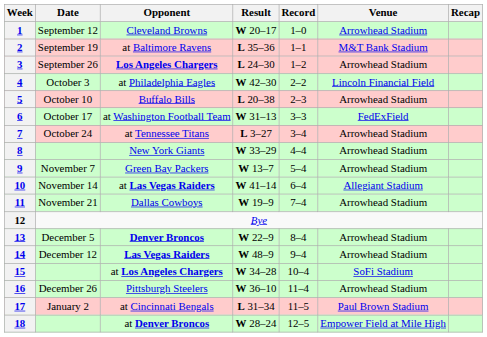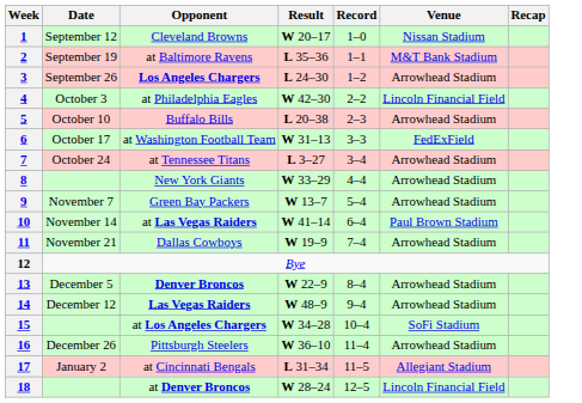 <table class="wikitable" style="text-align:center">
 <tr>
 <th>Week</th>
 <th>Date</th>
 <th>Opponent</th>
 <th>Result</th>
 <th>Record</th>
 <th>Venue</th>
 <th>Recap</th>
 </tr>
 <tr style="background:#cfc">
 <th><a href='#'>1</a></th>
 <td>September 12</td>
 <td><a href='#'>Cleveland Browns</a></td>
 <td><strong>W</strong> 20–17</td>
 <td>1–0</td>
-<td><a href='#'>Arrowhead Stadium</a></td>
+<td><a href='#'>Nissan Stadium</a></td>
 <td></td>
 </tr>
 <tr style="background:#fcc">
 <th><a href='#'>2</a></th>
 <td>September 19</td>
 <td>at <a href='#'>Baltimore Ravens</a></td>
 <td><strong>L</strong> 35–36</td>
 <td>1–1</td>
 <td><a href='#'>M&T Bank Stadium</a></td>
 <td></td>
 </tr>
 <tr style="background:#fcc">
 <th><a href='#'>3</a></th>
 <td>September 26</td>
 <td><strong><a href='#'>Los Angeles Chargers</a></strong></td>
 <td><strong>L</strong> 24–30</td>
 <td>1–2</td>
 <td>Arrowhead Stadium</td>
 <td></td>
 </tr>
 <tr style="background:#cfc">
 <th><a href='#'>4</a></th>
 <td>October 3</td>
 <td>at <a href='#'>Philadelphia Eagles</a></td>
 <td><strong>W</strong> 42–30</td>
 <td>2–2</td>
 <td><a href='#'>Lincoln Financial Field</a></td>
 <td></td>
 </tr>
 <tr style="background:#fcc">
 <th><a href='#'>5</a></th>
 <td>October 10</td>
 <td><a href='#'>Buffalo Bills</a></td>
 <td><strong>L</strong> 20–38</td>
 <td>2–3</td>
 <td>Arrowhead Stadium</td>
 <td></td>
 </tr>
 <tr style="background:#cfc">
 <th><a href='#'>6</a></th>
 <td>October 17</td>
 <td>at <a href='#'>Washington Football Team</a></td>
 <td><strong>W</strong> 31–13</td>
 <td>3–3</td>
 <td><a href='#'>FedExField</a></td>
 <td></td>
 </tr>
 <tr style="background:#fcc">
 <th><a href='#'>7</a></th>
 <td>October 24</td>
 <td>at <a href='#'>Tennessee Titans</a></td>
 <td><strong>L</strong> 3–27</td>
 <td>3–4</td>
 <td>Arrowhead Stadium</td>
 <td></td>
 </tr>
 <tr style="background:#cfc">
 <th><a href='#'>8</a></th>
 <td></td>
 <td><a href='#'>New York Giants</a></td>
 <td><strong>W</strong> 33–29</td>
 <td>4–4</td>
 <td>Arrowhead Stadium</td>
 <td></td>
 </tr>
 <tr style="background:#cfc">
 <th><a href='#'>9</a></th>
 <td>November 7</td>
 <td><a href='#'>Green Bay Packers</a></td>
 <td><strong>W</strong> 13–7</td>
 <td>5–4</td>
 <td>Arrowhead Stadium</td>
 <td></td>
 </tr>
 <tr style="background:#cfc">
 <th><a href='#'>10</a></th>
 <td>November 14</td>
 <td>at <strong><a href='#'>Las Vegas Raiders</a></strong></td>
 <td><strong>W</strong> 41–14</td>
 <td>6–4</td>
-<td><a href='#'>Allegiant Stadium</a></td>
+<td><a href='#'>Paul Brown Stadium</a></td>
 <td></td>
 </tr>
 <tr style="background:#cfc">
 <th><a href='#'>11</a></th>
 <td>November 21</td>
 <td><a href='#'>Dallas Cowboys</a></td>
 <td><strong>W</strong> 19–9</td>
 <td>7–4</td>
 <td>Arrowhead Stadium</td>
 <td></td>
 </tr>
 <tr>
 <th>12</th>
 <td colspan="6"><em><a href='#'>Bye</a></em></td>
 </tr>
 <tr style="background:#cfc">
 <th><a href='#'>13</a></th>
 <td>December 5</td>
 <td><strong><a href='#'>Denver Broncos</a></strong></td>
 <td><strong>W</strong> 22–9</td>
 <td>8–4</td>
 <td>Arrowhead Stadium</td>
 <td></td>
 </tr>
 <tr style="background:#cfc">
 <th><a href='#'>14</a></th>
 <td>December 12</td>
 <td><strong><a href='#'>Las Vegas Raiders</a></strong></td>
 <td><strong>W</strong> 48–9</td>
 <td>9–4</td>
 <td>Arrowhead Stadium</td>
 <td></td>
 </tr>
 <tr style="background:#cfc">
 <th><a href='#'>15</a></th>
 <td></td>
 <td>at <strong><a href='#'>Los Angeles Chargers</a></strong></td>
 <td><strong>W</strong> 34–28 </td>
 <td>10–4</td>
 <td><a href='#'>SoFi Stadium</a></td>
 <td></td>
 </tr>
 <tr style="background:#cfc">
 <th><a href='#'>16</a></th>
 <td>December 26</td>
 <td><a href='#'>Pittsburgh Steelers</a></td>
 <td><strong>W</strong> 36–10</td>
 <td>11–4</td>
 <td>Arrowhead Stadium</td>
 <td></td>
 </tr>
 <tr style="background:#fcc">
 <th><a href='#'>17</a></th>
 <td>January 2</td>
 <td>at <a href='#'>Cincinnati Bengals</a></td>
 <td><strong>L</strong> 31–34</td>
 <td>11–5</td>
-<td><a href='#'>Paul Brown Stadium</a></td>
+<td><a href='#'>Allegiant Stadium</a></td>
 <td></td>
 </tr>
 <tr style="background:#cfc">
 <th><a href='#'>18</a></th>
 <td></td>
 <td>at <strong><a href='#'>Denver Broncos</a></strong></td>
 <td><strong>W</strong> 28–24</td>
 <td>12–5</td>
-<td><a href='#'>Empower Field at Mile High</a></td>
+<td><a href='#'>Lincoln Financial Field</a></td>
 <td></td>
 </tr>
 </table>
